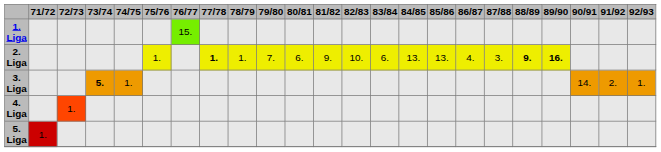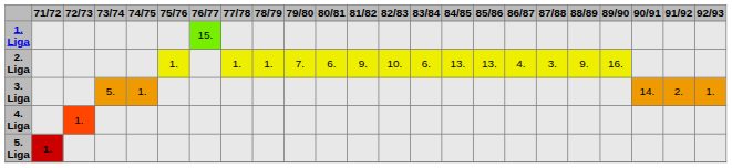 <table border="1" style="border-collapse:collapse; font-size:85%; text-align:center; background-color:#E8E8E8; border-color:#777777; margin:10px" cellpadding="2px">
 <tr bgcolor="#bbbbbb">
 <th width=""></th>
 <th width="">71/72</th>
 <th width="">72/73</th>
 <th width="">73/74</th>
 <th width="">74/75</th>
 <th width="">75/76</th>
 <th width="">76/77</th>
 <th width="">77/78</th>
 <th width="">78/79</th>
 <th width="">79/80</th>
 <th width="">80/81</th>
 <th width="">81/82</th>
 <th width="">82/83</th>
 <th width="">83/84</th>
 <th width="">84/85</th>
 <th width="">85/86</th>
 <th width="">86/87</th>
 <th width="">87/88</th>
 <th width="">88/89</th>
 <th width="">89/90</th>
 <th width="">90/91</th>
 <th width="">91/92</th>
 <th width="">92/93</th>
 </tr>
 <tr>
 <th bgcolor="#bbbbbb"><a href='#'>1. Liga</a> </th>
 <td></td>
 <td></td>
 <td></td>
 <td></td>
 <td></td>
 <td bgcolor="#76EE00">15.</td>
 <td></td>
 <td></td>
 <td></td>
 <td></td>
 <td></td>
 <td></td>
 <td></td>
 <td></td>
 <td></td>
 <td></td>
 <td></td>
 <td></td>
 <td></td>
 <td></td>
 <td></td>
 <td></td>
 </tr>
 <tr>
 <th bgcolor="#bbbbbb">2. Liga </th>
 <td></td>
 <td></td>
 <td></td>
 <td></td>
 <td bgcolor="#EEEE00">1.</td>
 <td></td>
-<td bgcolor="#EEEE00"><strong>1.</strong></td>
+<td bgcolor="#EEEE00">1.</td>
 <td bgcolor="#EEEE00">1.</td>
 <td bgcolor="#EEEE00">7.</td>
 <td bgcolor="#EEEE00">6.</td>
 <td bgcolor="#EEEE00">9.</td>
 <td bgcolor="#EEEE00">10.</td>
 <td bgcolor="#EEEE00">6.</td>
 <td bgcolor="#EEEE00">13.</td>
 <td bgcolor="#EEEE00">13.</td>
 <td bgcolor="#EEEE00">4.</td>
 <td bgcolor="#EEEE00">3.</td>
-<td bgcolor="#EEEE00"><strong>9.</strong></td>
-<td bgcolor="#EEEE00"><strong>16.</strong></td>
+<td bgcolor="#EEEE00">9.</td>
+<td bgcolor="#EEEE00">16.</td>
 <td></td>
 <td></td>
 <td></td>
 </tr>
 <tr>
 <th bgcolor="#bbbbbb">3. Liga </th>
 <td></td>
 <td></td>
-<td bgcolor="#EE9A00"><strong>5.</strong></td>
+<td bgcolor="#EE9A00">5.</td>
 <td bgcolor="#EE9A00">1.</td>
 <td></td>
 <td></td>
 <td></td>
 <td></td>
 <td></td>
 <td></td>
 <td></td>
 <td></td>
 <td></td>
 <td></td>
 <td></td>
 <td></td>
 <td></td>
 <td></td>
 <td></td>
 <td bgcolor="#EE9A00">14.</td>
 <td bgcolor="#EE9A00">2.</td>
 <td bgcolor="#EE9A00">1.</td>
 </tr>
 <tr>
 <th bgcolor="#bbbbbb">4. Liga </th>
 <td></td>
 <td bgcolor="#FF4500">1.</td>
 <td></td>
 <td></td>
 <td></td>
 <td></td>
 <td></td>
 <td></td>
 <td></td>
 <td></td>
 <td></td>
 <td></td>
 <td></td>
 <td></td>
 <td></td>
 <td></td>
 <td></td>
 <td></td>
 <td></td>
 <td></td>
 <td></td>
 <td></td>
 </tr>
 <tr>
 <th bgcolor="#bbbbbb">5. Liga </th>
-<td bgcolor="#CC0000">1.</td>
+<td bgcolor="#CC0000"><strong>1.</strong></td>
 <td></td>
 <td></td>
 <td></td>
 <td></td>
 <td></td>
 <td></td>
 <td></td>
 <td></td>
 <td></td>
 <td></td>
 <td></td>
 <td></td>
 <td></td>
 <td></td>
 <td></td>
 <td></td>
 <td></td>
 <td></td>
 <td></td>
 <td></td>
 <td></td>
 </tr>
 <tr>
 </tr>
 </table>
